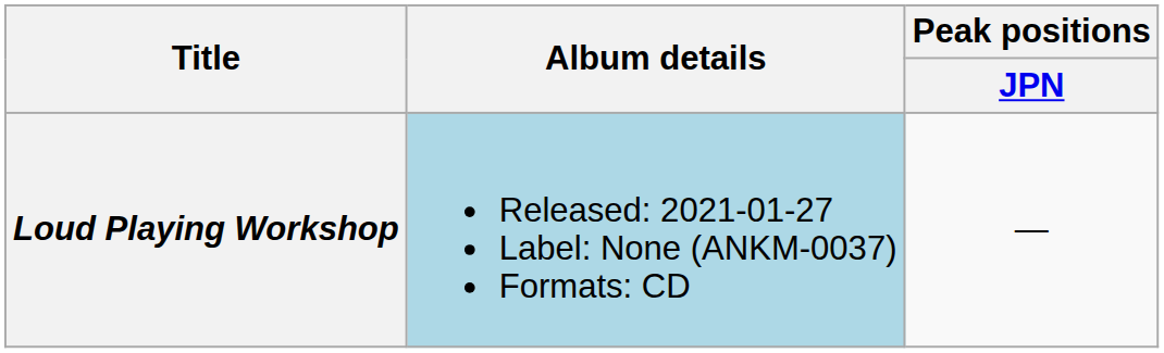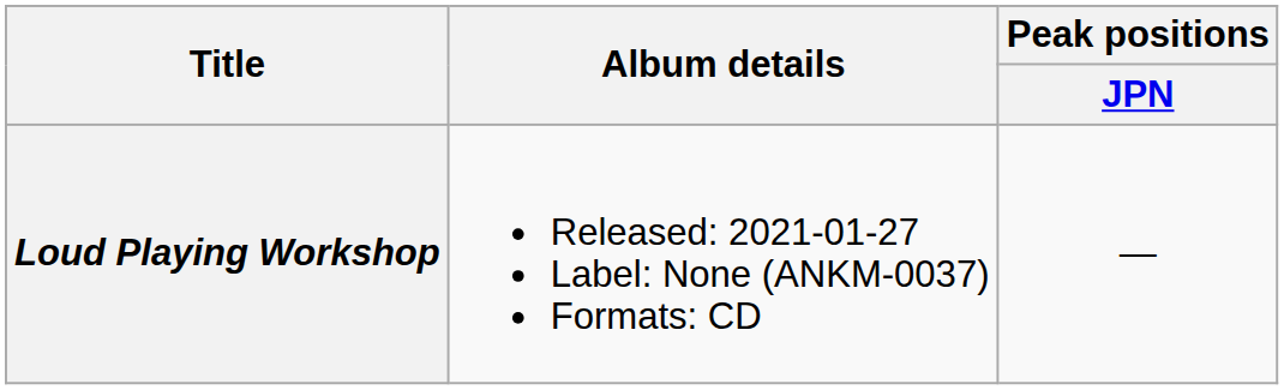 <table class="wikitable plainrowheaders">
 <tr>
 <th scope="col" rowspan="2">Title</th>
 <th scope="col" rowspan="2">Album details</th>
 <th scope="col" colspan="1">Peak positions</th>
 </tr>
 <tr>
 <th scope="col"><a href='#'>JPN</a></th>
 </tr>
 <tr>
 <th scope="row"><em>Loud Playing Workshop</em></th>
-<td style="background: lightblue;"><br><ul><li>Released: 2021-01-27</li><li>Label: None (ANKM-0037)</li><li>Formats: CD</li></ul></td>
+<td><br><ul><li>Released: 2021-01-27</li><li>Label: None (ANKM-0037)</li><li>Formats: CD</li></ul></td>
 <td align="center">—</td>
 </tr>
 </table>
